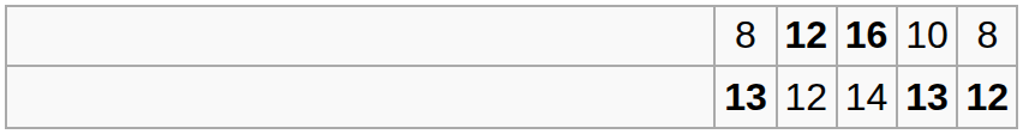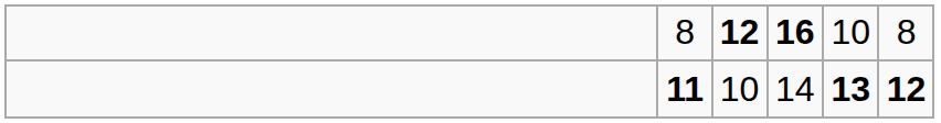 <table class="wikitable">
 <tr>
 <td style="width:18em"></td>
 <td align=center style="width:1em">8</td>
 <td align=center style="width:1em"><strong>12</strong></td>
 <td align=center style="width:1em"><strong>16</strong></td>
 <td align=center style="width:1em">10</td>
 <td align=center style="width:1em">8</td>
 </tr>
 <tr>
 <td style="width:18em"><strong></strong></td>
-<td align=center style="width:1em"><strong>13</strong></td>
-<td align=center style="width:1em">12</td>
+<td align=center style="width:1em"><strong>11</strong></td>
+<td align=center style="width:1em">10</td>
 <td align=center style="width:1em">14</td>
 <td align=center style="width:1em"><strong>13</strong></td>
 <td align=center style="width:1em"><strong>12</strong></td>
 </tr>
 </table>
